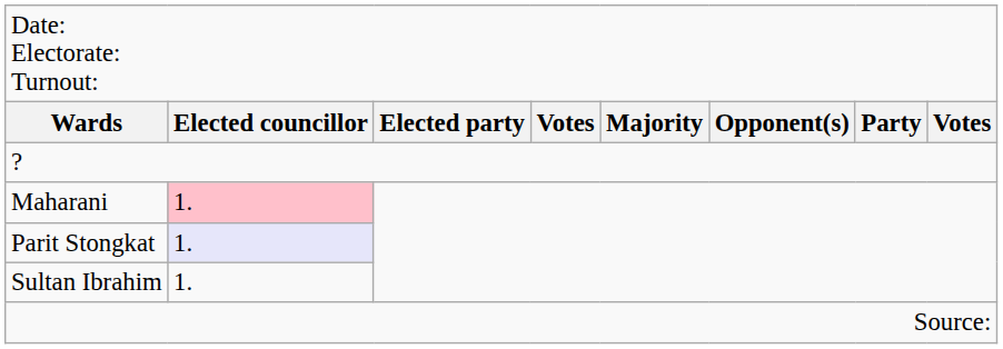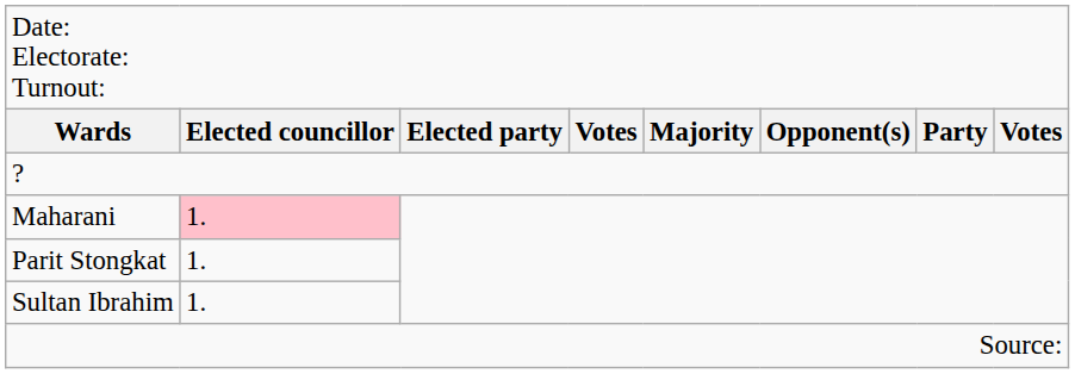 <table class=wikitable>
 <tr>
 <td colspan=8>Date: <br>Electorate: <br>Turnout:</td>
 </tr>
 <tr>
 <th>Wards</th>
 <th>Elected councillor</th>
 <th>Elected party</th>
 <th>Votes</th>
 <th>Majority</th>
 <th>Opponent(s)</th>
 <th>Party</th>
 <th>Votes</th>
 </tr>
 <tr>
 <td colspan=8>? </td>
 </tr>
 <tr>
 <td>Maharani</td>
 <td style="background: pink;">1.</td>
 </tr>
 <tr>
 <td>Parit Stongkat</td>
-<td style="background: lavender;">1.</td>
+<td>1.</td>
 </tr>
 <tr>
 <td>Sultan Ibrahim</td>
 <td>1.</td>
 </tr>
 <tr>
 <td colspan=8 align=right>Source:</td>
 </tr>
 </table>
